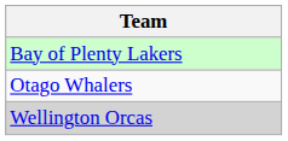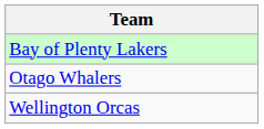 <table class="wikitable" style="text-align:left; margin: 1em auto;">
 <tr>
 <th width=210>Team</th>
 </tr>
 <tr style="background: #ccffcc;">
 <td style="text-align:left;"><a href='#'>Bay of Plenty Lakers</a></td>
 </tr>
 <tr>
 <td style="text-align:left;"><a href='#'>Otago Whalers</a></td>
 </tr>
 <tr>
-<td style="background: lightgrey; text-align:left;"><a href='#'>Wellington Orcas</a></td>
+<td style="text-align:left;"><a href='#'>Wellington Orcas</a></td>
 </tr>
 </table>
